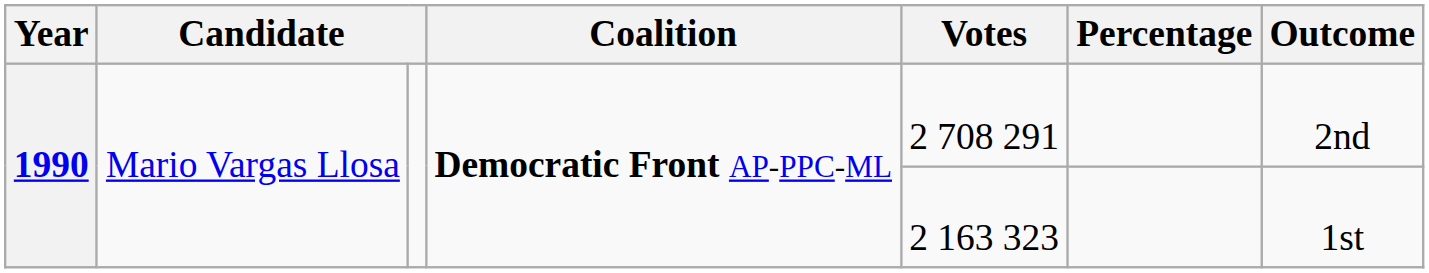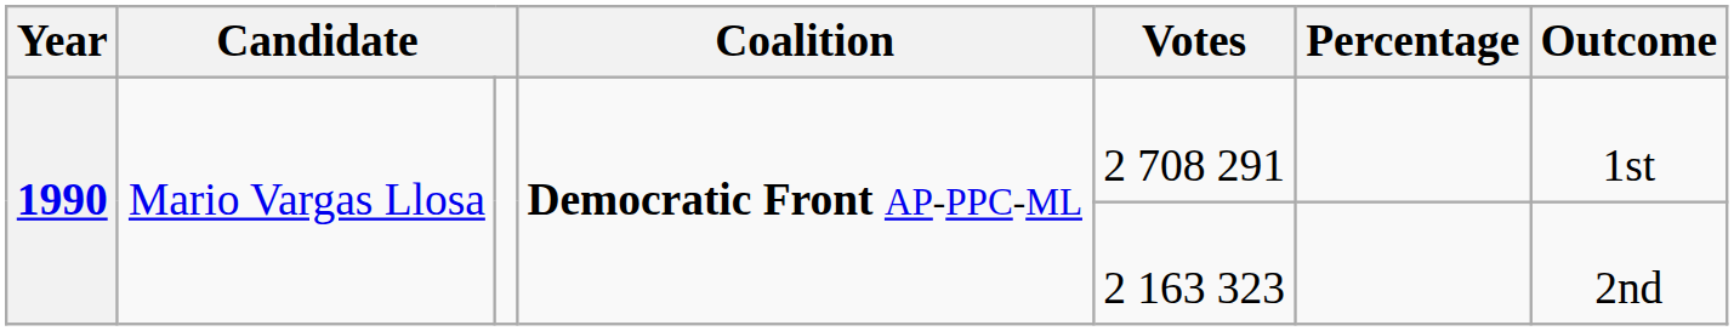 <table class="wikitable" style="text-align:center">
 <tr>
 <th>Year</th>
 <th colspan="2">Candidate</th>
 <th>Coalition</th>
 <th>Votes</th>
 <th>Percentage</th>
 <th>Outcome</th>
 </tr>
 <tr>
 <th rowspan="2"><a href='#'>1990</a></th>
 <td rowspan="2"><a href='#'>Mario Vargas Llosa</a></td>
 <td rowspan="2"></td>
 <td rowspan="2"><strong>Democratic Front</strong> <small><a href='#'>AP</a>-<a href='#'>PPC</a>-<a href='#'>ML</a></small></td>
 <td><br>2 708 291</td>
 <td></td>
-<td><br>2nd</td>
+<td> <br>1st</td>
 </tr>
 <tr>
 <td><br>2 163 323</td>
 <td></td>
-<td> <br>1st</td>
+<td><br>2nd</td>
 </tr>
 </table>
